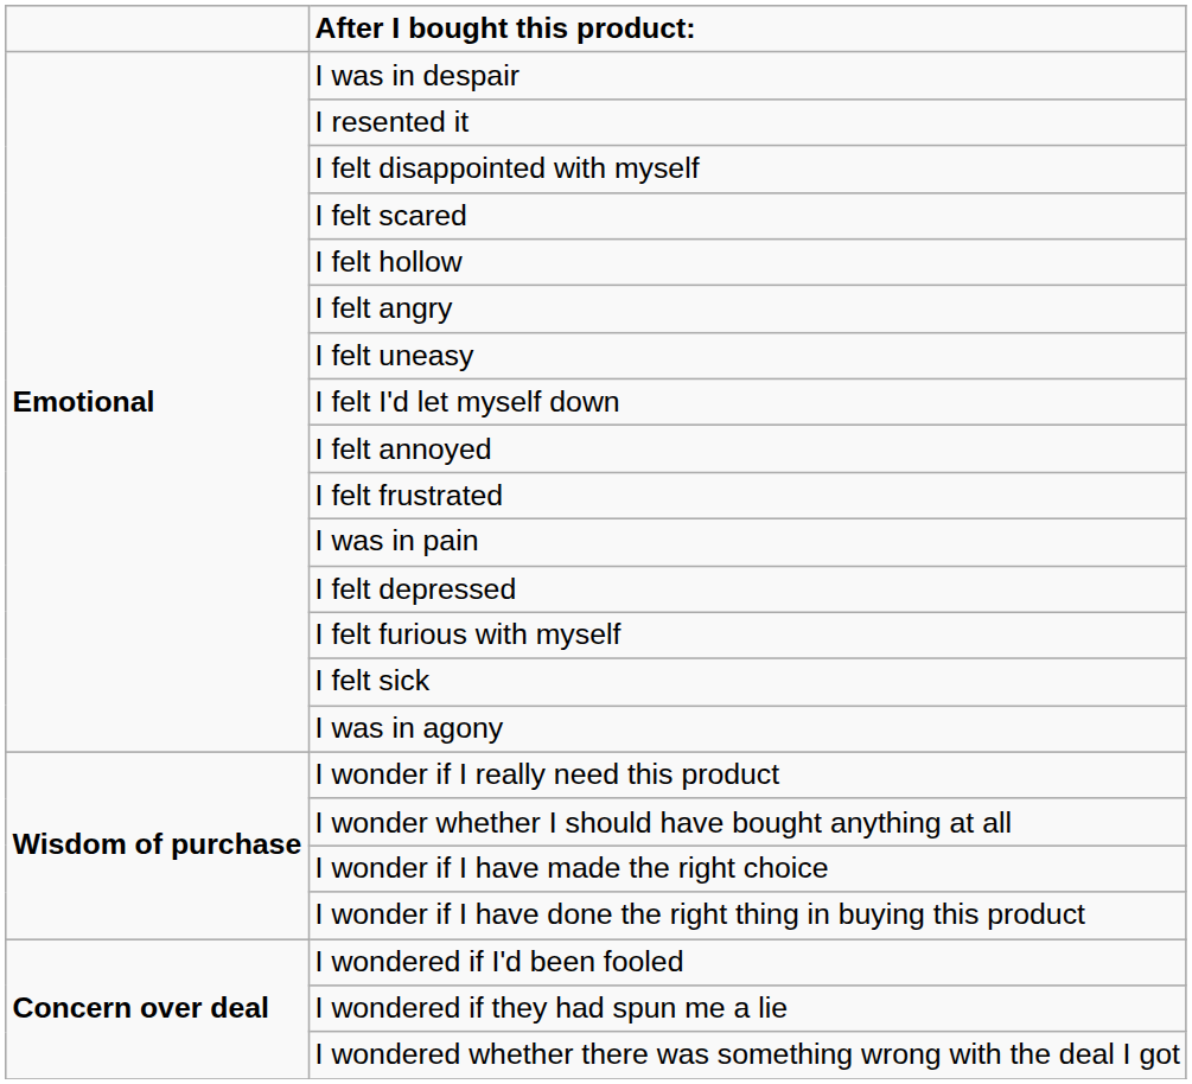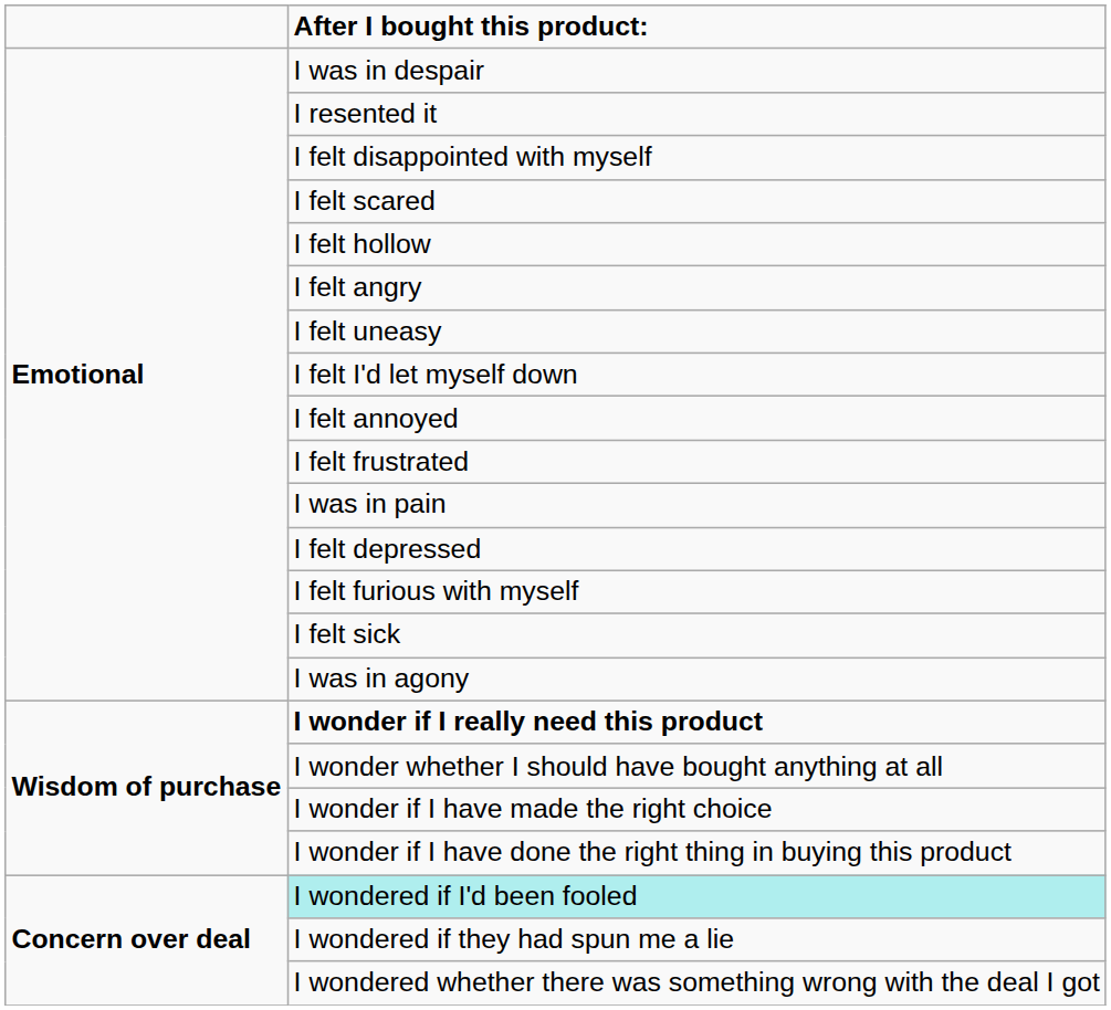 <table class="wikitable">
 <tr>
 <td></td>
 <td><strong>After I bought this product:</strong></td>
 </tr>
 <tr>
 <td rowspan="15"><strong>Emotional</strong></td>
 <td>I was in despair</td>
 </tr>
 <tr>
 <td>I resented it</td>
 </tr>
 <tr>
 <td>I felt disappointed with myself</td>
 </tr>
 <tr>
 <td>I felt scared</td>
 </tr>
 <tr>
 <td>I felt hollow</td>
 </tr>
 <tr>
 <td>I felt angry</td>
 </tr>
 <tr>
 <td>I felt uneasy</td>
 </tr>
 <tr>
 <td>I felt I'd let myself down</td>
 </tr>
 <tr>
 <td>I felt annoyed</td>
 </tr>
 <tr>
 <td>I felt frustrated</td>
 </tr>
 <tr>
 <td>I was in pain</td>
 </tr>
 <tr>
 <td>I felt depressed</td>
 </tr>
 <tr>
 <td>I felt furious with myself</td>
 </tr>
 <tr>
 <td>I felt sick</td>
 </tr>
 <tr>
 <td>I was in agony</td>
 </tr>
 <tr>
 <td rowspan="4"><strong>Wisdom of purchase</strong></td>
-<td>I wonder if I really need this product</td>
+<td><strong>I wonder if I really need this product</strong></td>
 </tr>
 <tr>
 <td>I wonder whether I should have bought anything at all</td>
 </tr>
 <tr>
 <td>I wonder if I have made the right choice</td>
 </tr>
 <tr>
 <td>I wonder if I have done the right thing in buying this product</td>
 </tr>
 <tr>
 <td rowspan="3"><strong>Concern over deal</strong></td>
-<td>I wondered if I'd been fooled</td>
+<td style="background: paleturquoise;">I wondered if I'd been fooled</td>
 </tr>
 <tr>
 <td>I wondered if they had spun me a lie</td>
 </tr>
 <tr>
 <td>I wondered whether there was something wrong with the deal I got</td>
 </tr>
 </table>
